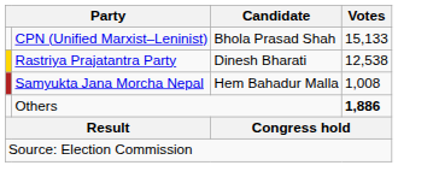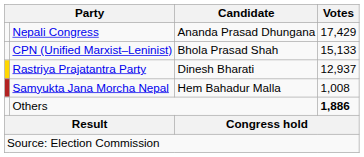 <table class="wikitable">
 <tr>
 <th colspan="2">Party</th>
 <th>Candidate</th>
 <th>Votes</th>
+</tr>
+<tr>
+<td style="background-color:"></td>
+<td><a href='#'>Nepali Congress</a></td>
+<td>Ananda Prasad Dhungana</td>
+<td>17,429</td>
 </tr>
 <tr>
 <td style="background-color:"></td>
 <td><a href='#'>CPN (Unified Marxist–Leninist)</a></td>
 <td>Bhola Prasad Shah</td>
 <td>15,133</td>
 </tr>
 <tr>
 <td style="background-color:gold"></td>
 <td><a href='#'>Rastriya Prajatantra Party</a></td>
 <td>Dinesh Bharati</td>
-<td>12,538</td>
+<td>12,937</td>
 </tr>
 <tr>
 <td style="background-color:firebrick"></td>
 <td><a href='#'>Samyukta Jana Morcha Nepal</a></td>
 <td>Hem Bahadur Malla</td>
 <td>1,008</td>
 </tr>
 <tr>
 <td></td>
 <td colspan="2">Others</td>
 <td><strong>1,886</strong></td>
 </tr>
 <tr>
 <th colspan="2">Result</th>
 <th colspan="2">Congress hold</th>
 </tr>
 <tr>
 <td colspan="4">Source: Election Commission</td>
 </tr>
 </table>
